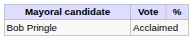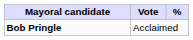 <table class="wikitable">
 <tr>
 <th style="background:#ddf; width:200px;">Mayoral candidate </th>
 <th style="background:#ddf; width:50px;">Vote</th>
 <th style="background:#ddf; width:30px;">%</th>
 </tr>
 <tr>
-<td>Bob Pringle</td>
+<td><strong>Bob Pringle</strong></td>
 <td colspan="2">Acclaimed</td>
 </tr>
 </table>
